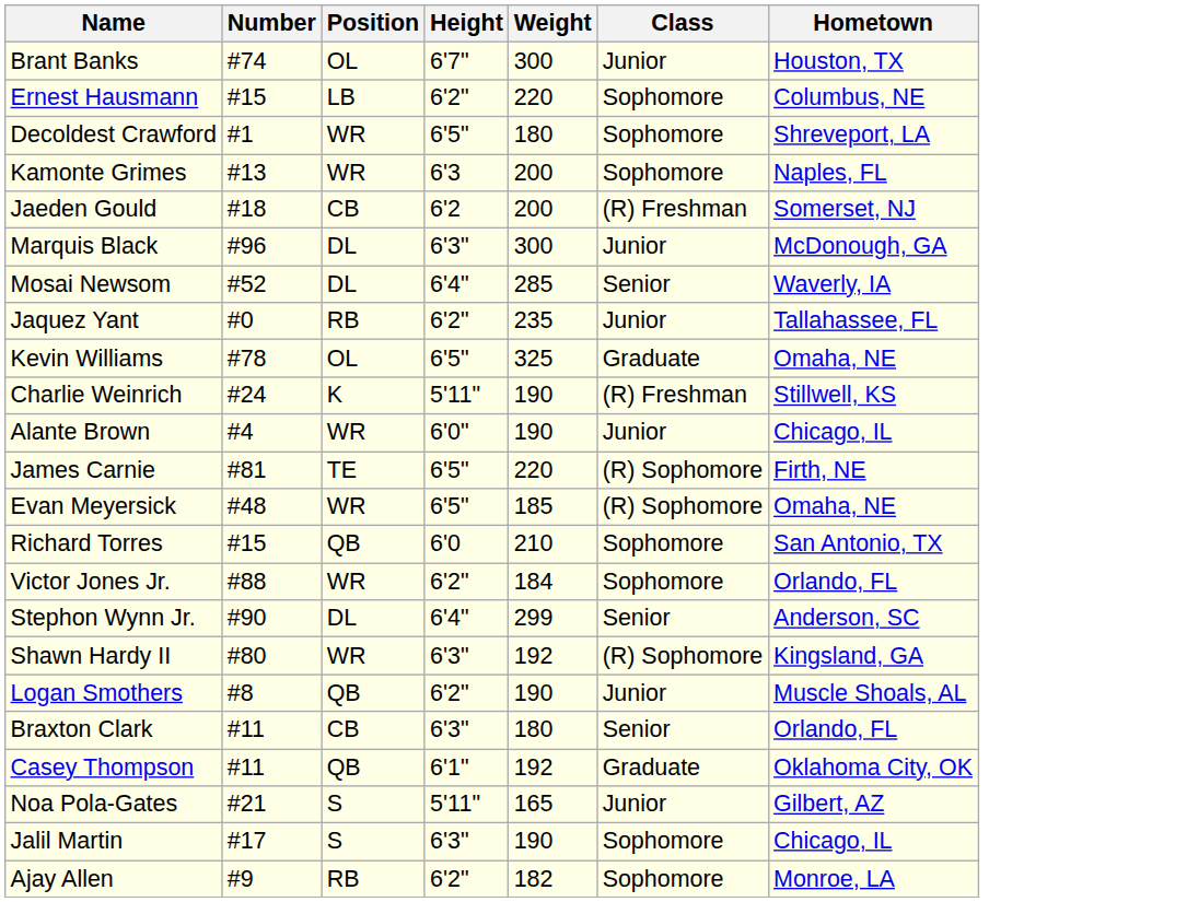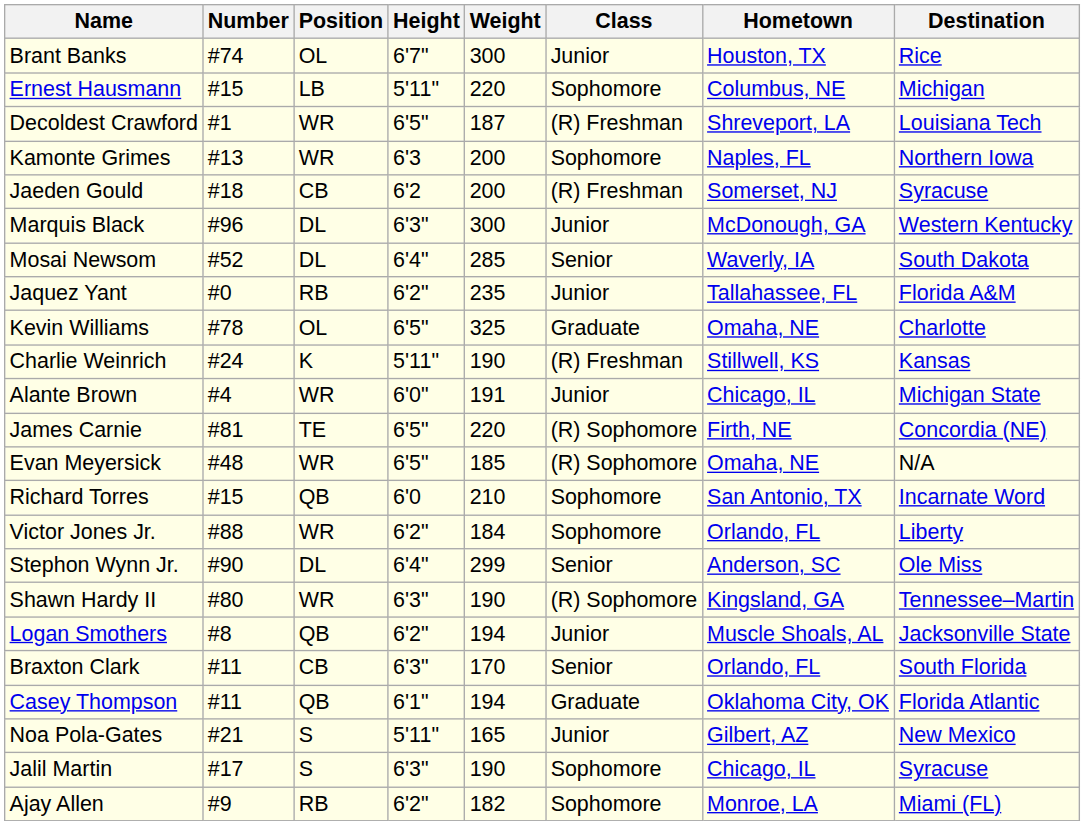 <table class="wikitable sortable">
 <tr>
 <th>Name</th>
 <th>Number</th>
 <th>Position</th>
 <th>Height</th>
 <th>Weight</th>
 <th>Class</th>
 <th>Hometown</th>
+<th>Destination</th>
 </tr>
 <tr style="background:#FFFFE6;">
 <td>Brant Banks</td>
 <td>#74</td>
 <td>OL</td>
 <td>6'7"</td>
 <td>300</td>
 <td>Junior</td>
 <td><a href='#'>Houston, TX</a></td>
+<td><a href='#'>Rice</a></td>
 </tr>
 <tr style="background:#FFFFE6;">
 <td><a href='#'>Ernest Hausmann</a></td>
 <td>#15</td>
 <td>LB</td>
-<td>6'2"</td>
+<td>5'11"</td>
 <td>220</td>
 <td>Sophomore</td>
 <td><a href='#'>Columbus, NE</a></td>
+<td><a href='#'>Michigan</a></td>
 </tr>
 <tr style="background:#FFFFE6;">
 <td>Decoldest Crawford</td>
 <td>#1</td>
 <td>WR</td>
 <td>6'5"</td>
-<td>180</td>
-<td>Sophomore</td>
+<td>187</td>
+<td>(R) Freshman</td>
 <td><a href='#'>Shreveport, LA</a></td>
+<td><a href='#'>Louisiana Tech</a></td>
 </tr>
 <tr style="background:#FFFFE6;">
 <td>Kamonte Grimes</td>
 <td>#13</td>
 <td>WR</td>
 <td>6'3</td>
 <td>200</td>
 <td>Sophomore</td>
 <td><a href='#'>Naples, FL</a></td>
+<td><a href='#'>Northern Iowa</a></td>
 </tr>
 <tr style="background:#FFFFE6;">
 <td>Jaeden Gould</td>
 <td>#18</td>
 <td>CB</td>
 <td>6'2</td>
 <td>200</td>
 <td>(R) Freshman</td>
 <td><a href='#'>Somerset, NJ</a></td>
+<td><a href='#'>Syracuse</a></td>
 </tr>
 <tr style="background:#FFFFE6;">
 <td>Marquis Black</td>
 <td>#96</td>
 <td>DL</td>
 <td>6'3"</td>
 <td>300</td>
 <td>Junior</td>
 <td><a href='#'>McDonough, GA</a></td>
+<td><a href='#'>Western Kentucky</a></td>
 </tr>
 <tr style="background:#FFFFE6;">
 <td>Mosai Newsom</td>
 <td>#52</td>
 <td>DL</td>
 <td>6'4"</td>
 <td>285</td>
 <td>Senior</td>
 <td><a href='#'>Waverly, IA</a></td>
+<td><a href='#'>South Dakota</a></td>
 </tr>
 <tr style="background:#FFFFE6;">
 <td>Jaquez Yant</td>
 <td>#0</td>
 <td>RB</td>
 <td>6'2"</td>
 <td>235</td>
 <td>Junior</td>
 <td><a href='#'>Tallahassee, FL</a></td>
+<td><a href='#'>Florida A&M</a></td>
 </tr>
 <tr style="background:#FFFFE6;">
 <td>Kevin Williams</td>
 <td>#78</td>
 <td>OL</td>
 <td>6'5"</td>
 <td>325</td>
 <td>Graduate</td>
 <td><a href='#'>Omaha, NE</a></td>
+<td><a href='#'>Charlotte</a></td>
 </tr>
 <tr style="background:#FFFFE6;">
 <td>Charlie Weinrich</td>
 <td>#24</td>
 <td>K</td>
 <td>5'11"</td>
 <td>190</td>
 <td>(R) Freshman</td>
 <td><a href='#'>Stillwell, KS</a></td>
+<td><a href='#'>Kansas</a></td>
 </tr>
 <tr style="background:#FFFFE6;">
 <td>Alante Brown</td>
 <td>#4</td>
 <td>WR</td>
 <td>6'0"</td>
-<td>190</td>
+<td>191</td>
 <td>Junior</td>
 <td><a href='#'>Chicago, IL</a></td>
+<td><a href='#'>Michigan State</a></td>
 </tr>
 <tr style="background:#FFFFE6;">
 <td>James Carnie</td>
 <td>#81</td>
 <td>TE</td>
 <td>6'5"</td>
 <td>220</td>
 <td>(R) Sophomore</td>
 <td><a href='#'>Firth, NE</a></td>
+<td><a href='#'>Concordia (NE)</a></td>
 </tr>
 <tr style="background:#FFFFE6;">
 <td>Evan Meyersick</td>
 <td>#48</td>
 <td>WR</td>
 <td>6'5"</td>
 <td>185</td>
 <td>(R) Sophomore</td>
 <td><a href='#'>Omaha, NE</a></td>
+<td>N/A</td>
 </tr>
 <tr style="background:#FFFFE6;">
 <td>Richard Torres</td>
 <td>#15</td>
 <td>QB</td>
 <td>6'0</td>
 <td>210</td>
 <td>Sophomore</td>
 <td><a href='#'>San Antonio, TX</a></td>
+<td><a href='#'>Incarnate Word</a></td>
 </tr>
 <tr style="background:#FFFFE6;">
 <td>Victor Jones Jr.</td>
 <td>#88</td>
 <td>WR</td>
 <td>6'2"</td>
 <td>184</td>
 <td>Sophomore</td>
 <td><a href='#'>Orlando, FL</a></td>
+<td><a href='#'>Liberty</a></td>
 </tr>
 <tr style="background:#FFFFE6;">
 <td>Stephon Wynn Jr.</td>
 <td>#90</td>
 <td>DL</td>
 <td>6'4"</td>
 <td>299</td>
 <td>Senior</td>
 <td><a href='#'>Anderson, SC</a></td>
+<td><a href='#'>Ole Miss</a></td>
 </tr>
 <tr style="background:#FFFFE6;">
 <td>Shawn Hardy II</td>
 <td>#80</td>
 <td>WR</td>
 <td>6'3"</td>
-<td>192</td>
+<td>190</td>
 <td>(R) Sophomore</td>
 <td><a href='#'>Kingsland, GA</a></td>
+<td><a href='#'>Tennessee–Martin</a></td>
 </tr>
 <tr style="background:#FFFFE6;">
 <td><a href='#'>Logan Smothers</a></td>
 <td>#8</td>
 <td>QB</td>
 <td>6'2"</td>
-<td>190</td>
+<td>194</td>
 <td>Junior</td>
 <td><a href='#'>Muscle Shoals, AL</a></td>
+<td><a href='#'>Jacksonville State</a></td>
 </tr>
 <tr style="background:#FFFFE6;">
 <td>Braxton Clark</td>
 <td>#11</td>
 <td>CB</td>
 <td>6'3"</td>
-<td>180</td>
+<td>170</td>
 <td>Senior</td>
 <td><a href='#'>Orlando, FL</a></td>
+<td><a href='#'>South Florida</a></td>
 </tr>
 <tr style="background:#FFFFE6;">
 <td><a href='#'>Casey Thompson</a></td>
 <td>#11</td>
 <td>QB</td>
 <td>6'1"</td>
-<td>192</td>
+<td>194</td>
 <td>Graduate</td>
 <td><a href='#'>Oklahoma City, OK</a></td>
+<td><a href='#'>Florida Atlantic</a></td>
 </tr>
 <tr style="background:#FFFFE6;">
 <td>Noa Pola-Gates</td>
 <td>#21</td>
 <td>S</td>
 <td>5'11"</td>
 <td>165</td>
 <td>Junior</td>
 <td><a href='#'>Gilbert, AZ</a></td>
+<td><a href='#'>New Mexico</a></td>
 </tr>
 <tr style="background:#FFFFE6;">
 <td>Jalil Martin</td>
 <td>#17</td>
 <td>S</td>
 <td>6'3"</td>
 <td>190</td>
 <td>Sophomore</td>
 <td><a href='#'>Chicago, IL</a></td>
+<td><a href='#'>Syracuse</a></td>
 </tr>
 <tr style="background:#FFFFE6;">
 <td>Ajay Allen</td>
 <td>#9</td>
 <td>RB</td>
 <td>6'2"</td>
 <td>182</td>
 <td>Sophomore</td>
 <td><a href='#'>Monroe, LA</a></td>
+<td><a href='#'>Miami (FL)</a></td>
 </tr>
 </table>
